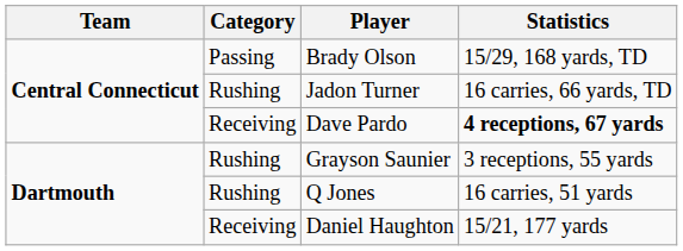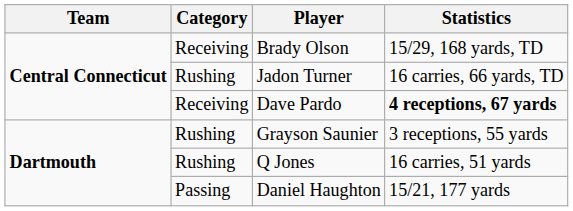 <table class="wikitable" style="float: right;">
 <tr>
 <th>Team</th>
 <th>Category</th>
 <th>Player</th>
 <th>Statistics</th>
 </tr>
 <tr>
 <td rowspan=3><strong>Central Connecticut</strong></td>
-<td>Passing</td>
+<td>Receiving</td>
 <td>Brady Olson</td>
 <td>15/29, 168 yards, TD</td>
 </tr>
 <tr>
 <td>Rushing</td>
 <td>Jadon Turner</td>
 <td>16 carries, 66 yards, TD</td>
 </tr>
 <tr>
 <td>Receiving</td>
 <td>Dave Pardo</td>
 <td><strong>4 receptions, 67 yards</strong></td>
 </tr>
 <tr>
 <td rowspan=3><strong>Dartmouth</strong></td>
 <td>Rushing</td>
 <td>Grayson Saunier</td>
 <td>3 receptions, 55 yards</td>
 </tr>
 <tr>
 <td>Rushing</td>
 <td>Q Jones</td>
 <td>16 carries, 51 yards</td>
 </tr>
 <tr>
-<td>Receiving</td>
+<td>Passing</td>
 <td>Daniel Haughton</td>
 <td>15/21, 177 yards</td>
 </tr>
 </table>
